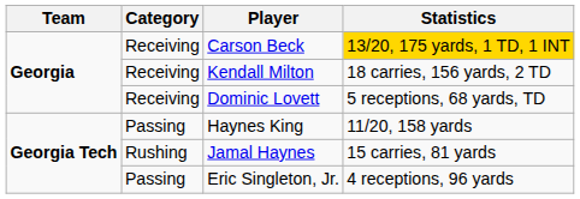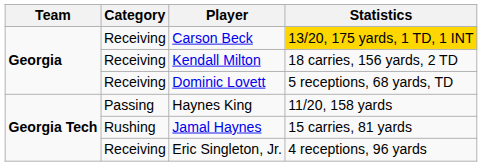 <table class="wikitable" style="float: right;">
 <tr>
 <th>Team</th>
 <th>Category</th>
 <th>Player</th>
 <th>Statistics</th>
 </tr>
 <tr>
 <td rowspan=3><strong>Georgia</strong></td>
 <td>Receiving</td>
 <td><a href='#'>Carson Beck</a></td>
 <td style="background: gold;">13/20, 175 yards, 1 TD, 1 INT</td>
 </tr>
 <tr>
 <td>Receiving</td>
 <td><a href='#'>Kendall Milton</a></td>
 <td>18 carries, 156 yards, 2 TD</td>
 </tr>
 <tr>
 <td>Receiving</td>
 <td><a href='#'>Dominic Lovett</a></td>
 <td>5 receptions, 68 yards, TD</td>
 </tr>
 <tr>
 <td rowspan=3><strong>Georgia Tech</strong></td>
 <td>Passing</td>
 <td>Haynes King</td>
 <td>11/20, 158 yards</td>
 </tr>
 <tr>
 <td>Rushing</td>
 <td><a href='#'>Jamal Haynes</a></td>
 <td>15 carries, 81 yards</td>
 </tr>
 <tr>
-<td>Passing</td>
+<td>Receiving</td>
 <td>Eric Singleton, Jr.</td>
 <td>4 receptions, 96 yards</td>
 </tr>
 </table>
